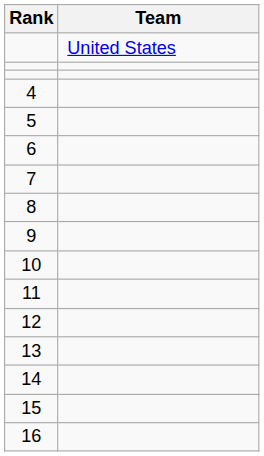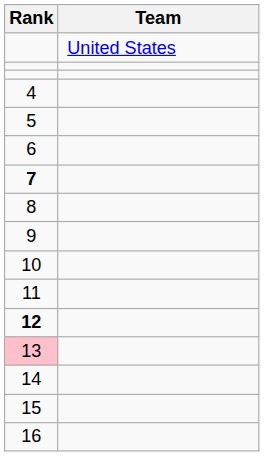 <table class="wikitable" style="text-align:center">
 <tr>
 <th width=40>Rank</th>
 <th width=170>Team</th>
 </tr>
 <tr>
 <td></td>
 <td align=left> <a href='#'>United States</a></td>
 </tr>
 <tr>
 <td></td>
 <td align=left></td>
 </tr>
 <tr>
 <td></td>
 <td align=left></td>
 </tr>
 <tr>
 <td>4</td>
 <td align=left></td>
 </tr>
 <tr>
 <td>5</td>
 <td align=left></td>
 </tr>
 <tr>
 <td>6</td>
 <td align=left></td>
 </tr>
 <tr>
-<td>7</td>
+<td><strong>7</strong></td>
 <td align=left></td>
 </tr>
 <tr>
 <td>8</td>
 <td align=left></td>
 </tr>
 <tr>
 <td>9</td>
 <td align=left></td>
 </tr>
 <tr>
 <td>10</td>
 <td align=left></td>
 </tr>
 <tr>
 <td>11</td>
 <td align=left></td>
 </tr>
 <tr>
-<td>12</td>
+<td><strong>12</strong></td>
 <td align=left></td>
 </tr>
 <tr>
-<td>13</td>
+<td style="background: pink;">13</td>
 <td align=left></td>
 </tr>
 <tr>
 <td>14</td>
 <td align=left></td>
 </tr>
 <tr>
 <td>15</td>
 <td align=left></td>
 </tr>
 <tr>
 <td>16</td>
 <td align=left></td>
 </tr>
 </table>
